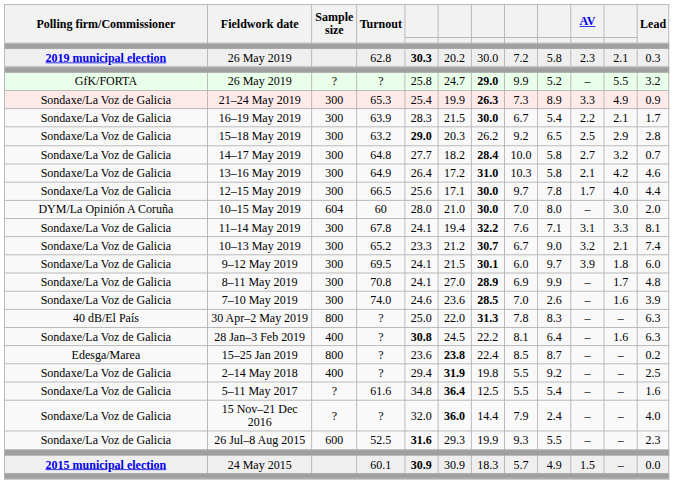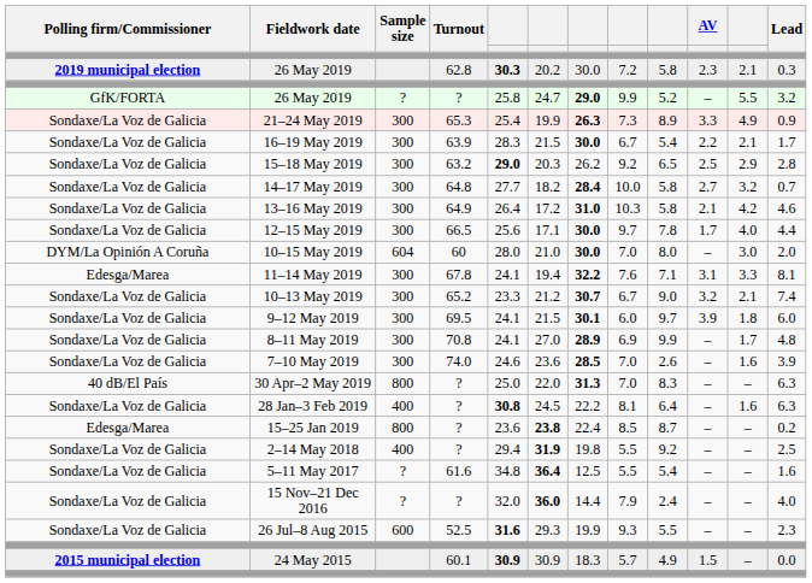 <table class="wikitable collapsible collapsed" style="text-align:center; font-size:95%; line-height:16px;">
 <tr style="height:42px;">
 <th style="width:250px;" rowspan="2">Polling firm/Commissioner</th>
 <th style="width:125px;" rowspan="2">Fieldwork date</th>
 <th style="width:50px;" rowspan="2">Sample size</th>
 <th style="width:45px;" rowspan="2">Turnout</th>
 <th style="width:35px;"></th>
 <th style="width:35px;"></th>
 <th style="width:35px;"></th>
 <th style="width:35px;"></th>
 <th style="width:35px;"></th>
 <th style="width:35px;"><a href='#'>AV</a></th>
 <th style="width:35px;"></th>
 <th style="width:30px;" rowspan="2">Lead</th>
 </tr>
 <tr>
 <th style="color:inherit;background:"></th>
 <th style="color:inherit;background:"></th>
 <th style="color:inherit;background:"></th>
 <th style="color:inherit;background:"></th>
 <th style="color:inherit;background:"></th>
 <th style="color:inherit;background:"></th>
 <th style="color:inherit;background:"></th>
 </tr>
 <tr>
 <td colspan="12" style="background:#A0A0A0"></td>
 </tr>
 <tr style="background:#EFEFEF;">
 <td><strong><a href='#'>2019 municipal election</a></strong></td>
 <td>26 May 2019</td>
 <td></td>
 <td>62.8</td>
 <td><strong>30.3</strong><br></td>
 <td>20.2<br></td>
 <td>30.0<br></td>
 <td>7.2<br></td>
 <td>5.8<br></td>
 <td>2.3<br></td>
 <td>2.1<br></td>
 <td style="background:">0.3</td>
 </tr>
 <tr>
 <td colspan="12" style="background:#A0A0A0"></td>
 </tr>
 <tr style="background:#EAFFEA;">
 <td>GfK/FORTA</td>
 <td>26 May 2019</td>
 <td>?</td>
 <td>?</td>
 <td>25.8<br></td>
 <td>24.7<br></td>
 <td><strong>29.0</strong><br></td>
 <td>9.9<br></td>
 <td>5.2<br></td>
 <td>–</td>
 <td>5.5<br></td>
 <td style="background:">3.2</td>
 </tr>
 <tr style="background:#FFEAEA;">
 <td>Sondaxe/La Voz de Galicia</td>
 <td>21–24 May 2019</td>
 <td>300</td>
 <td>65.3</td>
 <td>25.4<br></td>
 <td>19.9<br></td>
 <td><strong>26.3</strong><br></td>
 <td>7.3<br></td>
 <td>8.9<br></td>
 <td>3.3<br></td>
 <td>4.9<br></td>
 <td style="background:">0.9</td>
 </tr>
 <tr>
 <td>Sondaxe/La Voz de Galicia</td>
 <td>16–19 May 2019</td>
 <td>300</td>
 <td>63.9</td>
 <td>28.3<br></td>
 <td>21.5<br></td>
 <td><strong>30.0</strong><br></td>
 <td>6.7<br></td>
 <td>5.4<br></td>
 <td>2.2<br></td>
 <td>2.1<br></td>
 <td style="background:">1.7</td>
 </tr>
 <tr>
 <td>Sondaxe/La Voz de Galicia</td>
 <td>15–18 May 2019</td>
 <td>300</td>
 <td>63.2</td>
 <td><strong>29.0</strong><br></td>
 <td>20.3<br></td>
 <td>26.2<br></td>
 <td>9.2<br></td>
 <td>6.5<br></td>
 <td>2.5<br></td>
 <td>2.9<br></td>
 <td style="background:">2.8</td>
 </tr>
 <tr>
 <td>Sondaxe/La Voz de Galicia</td>
 <td>14–17 May 2019</td>
 <td>300</td>
 <td>64.8</td>
 <td>27.7<br></td>
 <td>18.2<br></td>
 <td><strong>28.4</strong><br></td>
 <td>10.0<br></td>
 <td>5.8<br></td>
 <td>2.7<br></td>
 <td>3.2<br></td>
 <td style="background:">0.7</td>
 </tr>
 <tr>
 <td>Sondaxe/La Voz de Galicia</td>
 <td>13–16 May 2019</td>
 <td>300</td>
 <td>64.9</td>
 <td>26.4<br></td>
 <td>17.2<br></td>
 <td><strong>31.0</strong><br></td>
 <td>10.3<br></td>
 <td>5.8<br></td>
 <td>2.1<br></td>
 <td>4.2<br></td>
 <td style="background:">4.6</td>
 </tr>
 <tr>
 <td>Sondaxe/La Voz de Galicia</td>
 <td>12–15 May 2019</td>
 <td>300</td>
 <td>66.5</td>
 <td>25.6<br></td>
 <td>17.1<br></td>
 <td><strong>30.0</strong><br></td>
 <td>9.7<br></td>
 <td>7.8<br></td>
 <td>1.7<br></td>
 <td>4.0<br></td>
 <td style="background:">4.4</td>
 </tr>
 <tr>
 <td>DYM/La Opinión A Coruña</td>
 <td>10–15 May 2019</td>
 <td>604</td>
 <td>60</td>
 <td>28.0<br></td>
 <td>21.0<br></td>
 <td><strong>30.0</strong><br></td>
 <td>7.0<br></td>
 <td>8.0<br></td>
 <td>–</td>
 <td>3.0<br></td>
 <td style="background:">2.0</td>
 </tr>
 <tr>
-<td>Sondaxe/La Voz de Galicia</td>
+<td>Edesga/Marea</td>
 <td>11–14 May 2019</td>
 <td>300</td>
 <td>67.8</td>
 <td>24.1<br></td>
 <td>19.4<br></td>
 <td><strong>32.2</strong><br></td>
 <td>7.6<br></td>
 <td>7.1<br></td>
 <td>3.1<br></td>
 <td>3.3<br></td>
 <td style="background:">8.1</td>
 </tr>
 <tr>
 <td>Sondaxe/La Voz de Galicia</td>
 <td>10–13 May 2019</td>
 <td>300</td>
 <td>65.2</td>
 <td>23.3<br></td>
 <td>21.2<br></td>
 <td><strong>30.7</strong><br></td>
 <td>6.7<br></td>
 <td>9.0<br></td>
 <td>3.2<br></td>
 <td>2.1<br></td>
 <td style="background:">7.4</td>
 </tr>
 <tr>
 <td>Sondaxe/La Voz de Galicia</td>
 <td>9–12 May 2019</td>
 <td>300</td>
 <td>69.5</td>
 <td>24.1<br></td>
 <td>21.5<br></td>
 <td><strong>30.1</strong><br></td>
 <td>6.0<br></td>
 <td>9.7<br></td>
 <td>3.9<br></td>
 <td>1.8<br></td>
 <td style="background:">6.0</td>
 </tr>
 <tr>
 <td>Sondaxe/La Voz de Galicia</td>
 <td>8–11 May 2019</td>
 <td>300</td>
 <td>70.8</td>
 <td>24.1<br></td>
 <td>27.0<br></td>
 <td><strong>28.9</strong><br></td>
 <td>6.9<br></td>
 <td>9.9<br></td>
 <td>–</td>
 <td>1.7<br></td>
 <td style="background:">4.8</td>
 </tr>
 <tr>
 <td>Sondaxe/La Voz de Galicia</td>
 <td>7–10 May 2019</td>
 <td>300</td>
 <td>74.0</td>
 <td>24.6<br></td>
 <td>23.6<br></td>
 <td><strong>28.5</strong><br></td>
 <td>7.0<br></td>
 <td>2.6<br></td>
 <td>–</td>
 <td>1.6<br></td>
 <td style="background:">3.9</td>
 </tr>
 <tr>
 <td>40 dB/El País</td>
 <td>30 Apr–2 May 2019</td>
 <td>800</td>
 <td>?</td>
 <td>25.0<br></td>
 <td>22.0<br></td>
 <td><strong>31.3</strong><br></td>
-<td>7.8<br></td>
+<td>7.0<br></td>
 <td>8.3<br></td>
 <td>–</td>
 <td>–</td>
 <td style="background:">6.3</td>
 </tr>
 <tr>
 <td>Sondaxe/La Voz de Galicia</td>
 <td>28 Jan–3 Feb 2019</td>
 <td>400</td>
 <td>?</td>
 <td><strong>30.8</strong><br></td>
 <td>24.5<br></td>
 <td>22.2<br></td>
 <td>8.1<br></td>
 <td>6.4<br></td>
 <td>–</td>
 <td>1.6<br></td>
 <td style="background:">6.3</td>
 </tr>
 <tr>
 <td>Edesga/Marea</td>
 <td>15–25 Jan 2019</td>
 <td>800</td>
 <td>?</td>
 <td>23.6<br></td>
 <td><strong>23.8</strong><br></td>
 <td>22.4<br></td>
 <td>8.5<br></td>
 <td>8.7<br></td>
 <td>–</td>
 <td>–</td>
 <td style="background:">0.2</td>
 </tr>
 <tr>
 <td>Sondaxe/La Voz de Galicia</td>
 <td>2–14 May 2018</td>
 <td>400</td>
 <td>?</td>
 <td>29.4<br></td>
 <td><strong>31.9</strong><br></td>
 <td>19.8<br></td>
 <td>5.5<br></td>
 <td>9.2<br></td>
 <td>–</td>
 <td>–</td>
 <td style="background:">2.5</td>
 </tr>
 <tr>
 <td>Sondaxe/La Voz de Galicia</td>
 <td>5–11 May 2017</td>
 <td>?</td>
 <td>61.6</td>
 <td>34.8<br></td>
 <td><strong>36.4</strong><br></td>
 <td>12.5<br></td>
 <td>5.5<br></td>
 <td>5.4<br></td>
 <td>–</td>
 <td>–</td>
 <td style="background:">1.6</td>
 </tr>
 <tr>
 <td>Sondaxe/La Voz de Galicia</td>
 <td>15 Nov–21 Dec 2016</td>
 <td>?</td>
 <td>?</td>
 <td>32.0<br></td>
 <td><strong>36.0</strong><br></td>
 <td>14.4<br></td>
 <td>7.9<br></td>
 <td>2.4<br></td>
 <td>–</td>
 <td>–</td>
 <td style="background:">4.0</td>
 </tr>
 <tr>
 <td>Sondaxe/La Voz de Galicia</td>
 <td>26 Jul–8 Aug 2015</td>
 <td>600</td>
 <td>52.5</td>
 <td><strong>31.6</strong><br></td>
 <td>29.3<br></td>
 <td>19.9<br></td>
 <td>9.3<br></td>
 <td>5.5<br></td>
 <td>–</td>
 <td>–</td>
 <td style="background:">2.3</td>
 </tr>
 <tr>
 <td colspan="12" style="background:#A0A0A0"></td>
 </tr>
 <tr style="background:#EFEFEF;">
 <td><strong><a href='#'>2015 municipal election</a></strong></td>
 <td>24 May 2015</td>
 <td></td>
 <td>60.1</td>
 <td><strong>30.9</strong><br></td>
 <td>30.9<br></td>
 <td>18.3<br></td>
 <td>5.7<br></td>
 <td>4.9<br></td>
 <td>1.5<br></td>
 <td>–</td>
 <td style="background:">0.0</td>
 </tr>
 <tr>
 <td colspan="12" style="background:#A0A0A0"></td>
 </tr>
 </table>
